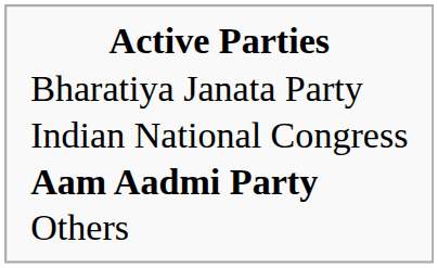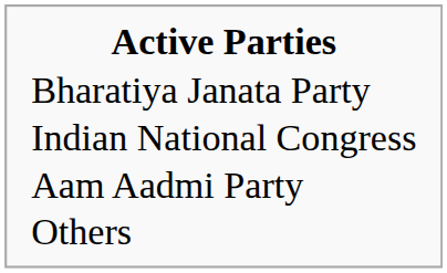 <table class="infobox" style="float; margin-left: 1em; margin-bottom: 0.5em">
 <tr>
 <td style="text-align: center"><span><strong>Active Parties</strong></span></td>
 </tr>
 <tr>
 <td style="padding: 0 5px;"> Bharatiya Janata Party</td>
 </tr>
 <tr>
 <td style="padding: 0 5px;"> Indian National Congress</td>
 </tr>
 <tr>
-<td style="padding: 0 5px;"><strong> Aam Aadmi Party</strong></td>
+<td style="padding: 0 5px;"> Aam Aadmi Party</td>
 </tr>
 <tr>
 <td style="padding: 0 5px;"> Others </td>
 </tr>
 </table>
